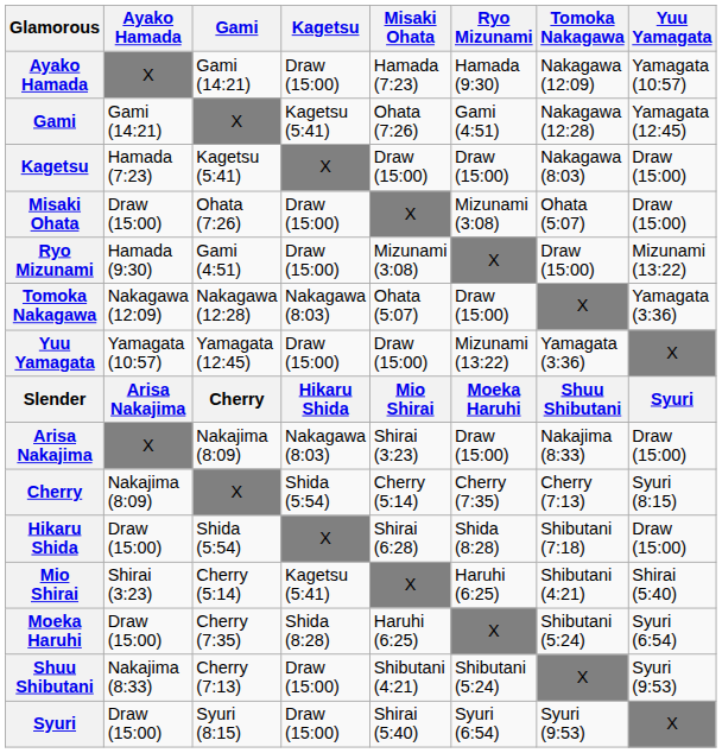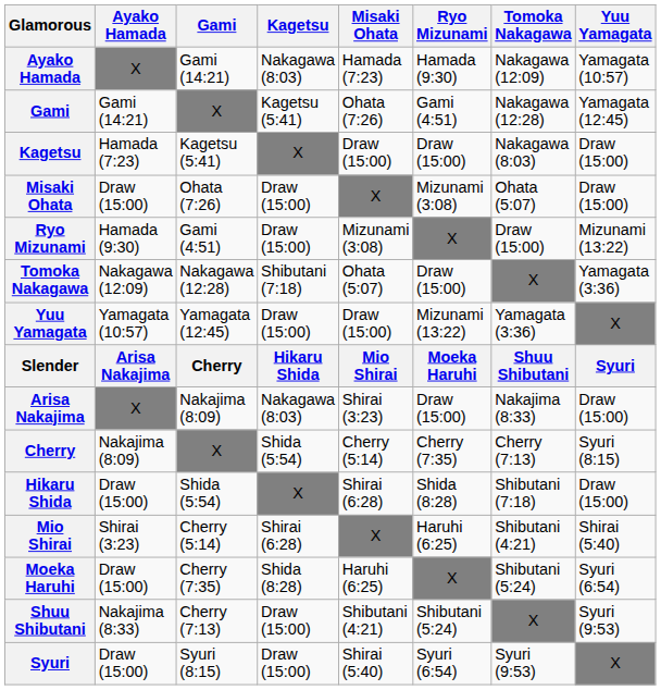 <table class="wikitable" align=center style="margin: 1em auto 1em auto">
 <tr>
 <th>Glamorous</th>
 <th><a href='#'>Ayako<br>Hamada</a></th>
 <th><a href='#'>Gami</a></th>
 <th><a href='#'>Kagetsu</a></th>
 <th><a href='#'>Misaki<br>Ohata</a></th>
 <th><a href='#'>Ryo<br>Mizunami</a></th>
 <th><a href='#'>Tomoka<br>Nakagawa</a></th>
 <th><a href='#'>Yuu<br>Yamagata</a></th>
 </tr>
 <tr>
 <th><a href='#'>Ayako<br>Hamada</a></th>
 <td bgcolor=grey align="center">X</td>
 <td>Gami<br>(14:21)</td>
-<td>Draw<br>(15:00)</td>
+<td>Nakagawa<br>(8:03)</td>
 <td>Hamada<br>(7:23)</td>
 <td>Hamada<br>(9:30)</td>
 <td>Nakagawa<br>(12:09)</td>
 <td>Yamagata<br>(10:57)</td>
 </tr>
 <tr>
 <th><a href='#'>Gami</a></th>
 <td>Gami<br>(14:21)</td>
 <td bgcolor=grey align="center">X</td>
 <td>Kagetsu<br>(5:41)</td>
 <td>Ohata<br>(7:26)</td>
 <td>Gami<br>(4:51)</td>
 <td>Nakagawa<br>(12:28)</td>
 <td>Yamagata<br>(12:45)</td>
 </tr>
 <tr>
 <th><a href='#'>Kagetsu</a></th>
 <td>Hamada<br>(7:23)</td>
 <td>Kagetsu<br>(5:41)</td>
 <td bgcolor=grey align="center">X</td>
 <td>Draw<br>(15:00)</td>
 <td>Draw<br>(15:00)</td>
 <td>Nakagawa<br>(8:03)</td>
 <td>Draw<br>(15:00)</td>
 </tr>
 <tr>
 <th><a href='#'>Misaki<br>Ohata</a></th>
 <td>Draw<br>(15:00)</td>
 <td>Ohata<br>(7:26)</td>
 <td>Draw<br>(15:00)</td>
 <td bgcolor=grey align="center">X</td>
 <td>Mizunami<br>(3:08)</td>
 <td>Ohata<br>(5:07)</td>
 <td>Draw<br>(15:00)</td>
 </tr>
 <tr>
 <th><a href='#'>Ryo<br>Mizunami</a></th>
 <td>Hamada<br>(9:30)</td>
 <td>Gami<br>(4:51)</td>
 <td>Draw<br>(15:00)</td>
 <td>Mizunami<br>(3:08)</td>
 <td bgcolor=grey align="center">X</td>
 <td>Draw<br>(15:00)</td>
 <td>Mizunami<br>(13:22)</td>
 </tr>
 <tr>
 <th><a href='#'>Tomoka<br>Nakagawa</a></th>
 <td>Nakagawa<br>(12:09)</td>
 <td>Nakagawa<br>(12:28)</td>
-<td>Nakagawa<br>(8:03)</td>
+<td>Shibutani<br>(7:18)</td>
 <td>Ohata<br>(5:07)</td>
 <td>Draw<br>(15:00)</td>
 <td bgcolor=grey align="center">X</td>
 <td>Yamagata<br>(3:36)</td>
 </tr>
 <tr>
 <th><a href='#'>Yuu<br>Yamagata</a></th>
 <td>Yamagata<br>(10:57)</td>
 <td>Yamagata<br>(12:45)</td>
 <td>Draw<br>(15:00)</td>
 <td>Draw<br>(15:00)</td>
 <td>Mizunami<br>(13:22)</td>
 <td>Yamagata<br>(3:36)</td>
 <td bgcolor=grey align="center">X</td>
 </tr>
 <tr>
 <th>Slender</th>
 <th><a href='#'>Arisa<br>Nakajima</a></th>
 <th>Cherry</th>
 <th><a href='#'>Hikaru<br>Shida</a></th>
 <th><a href='#'>Mio<br>Shirai</a></th>
 <th><a href='#'>Moeka<br>Haruhi</a></th>
 <th><a href='#'>Shuu<br>Shibutani</a></th>
 <th><a href='#'>Syuri</a></th>
 </tr>
 <tr>
 <th><a href='#'>Arisa<br>Nakajima</a></th>
 <td bgcolor=grey align="center">X</td>
 <td>Nakajima<br>(8:09)</td>
 <td>Nakagawa<br>(8:03)</td>
 <td>Shirai<br>(3:23)</td>
 <td>Draw<br>(15:00)</td>
 <td>Nakajima<br>(8:33)</td>
 <td>Draw<br>(15:00)</td>
 </tr>
 <tr>
 <th><a href='#'>Cherry</a></th>
 <td>Nakajima<br>(8:09)</td>
 <td bgcolor=grey align="center">X</td>
 <td>Shida<br>(5:54)</td>
 <td>Cherry<br>(5:14)</td>
 <td>Cherry<br>(7:35)</td>
 <td>Cherry<br>(7:13)</td>
 <td>Syuri<br>(8:15)</td>
 </tr>
 <tr>
 <th><a href='#'>Hikaru<br>Shida</a></th>
 <td>Draw<br>(15:00)</td>
 <td>Shida<br>(5:54)</td>
 <td bgcolor=grey align="center">X</td>
 <td>Shirai<br>(6:28)</td>
 <td>Shida<br>(8:28)</td>
 <td>Shibutani<br>(7:18)</td>
 <td>Draw<br>(15:00)</td>
 </tr>
 <tr>
 <th><a href='#'>Mio<br>Shirai</a></th>
 <td>Shirai<br>(3:23)</td>
 <td>Cherry<br>(5:14)</td>
-<td>Kagetsu<br>(5:41)</td>
+<td>Shirai<br>(6:28)</td>
 <td bgcolor=grey align="center">X</td>
 <td>Haruhi<br>(6:25)</td>
 <td>Shibutani<br>(4:21)</td>
 <td>Shirai<br>(5:40)</td>
 </tr>
 <tr>
 <th><a href='#'>Moeka<br>Haruhi</a></th>
 <td>Draw<br>(15:00)</td>
 <td>Cherry<br>(7:35)</td>
 <td>Shida<br>(8:28)</td>
 <td>Haruhi<br>(6:25)</td>
 <td bgcolor=grey align="center">X</td>
 <td>Shibutani<br>(5:24)</td>
 <td>Syuri<br>(6:54)</td>
 </tr>
 <tr>
 <th><a href='#'>Shuu<br>Shibutani</a></th>
 <td>Nakajima<br>(8:33)</td>
 <td>Cherry<br>(7:13)</td>
 <td>Draw<br>(15:00)</td>
 <td>Shibutani<br>(4:21)</td>
 <td>Shibutani<br>(5:24)</td>
 <td bgcolor=grey align="center">X</td>
 <td>Syuri<br>(9:53)</td>
 </tr>
 <tr>
 <th><a href='#'>Syuri</a></th>
 <td>Draw<br>(15:00)</td>
 <td>Syuri<br>(8:15)</td>
 <td>Draw<br>(15:00)</td>
 <td>Shirai<br>(5:40)</td>
 <td>Syuri<br>(6:54)</td>
 <td>Syuri<br>(9:53)</td>
 <td bgcolor=grey align="center">X</td>
 </tr>
 </table>
